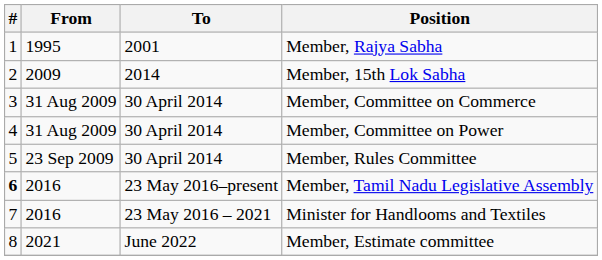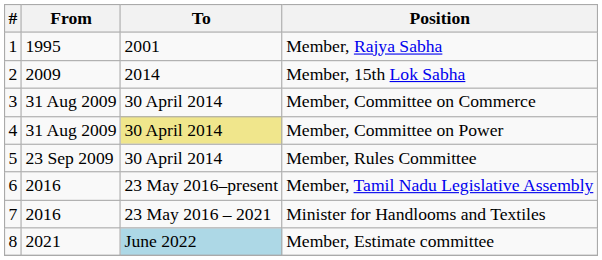 <table class="wikitable sortable">
 <tr>
 <th>#</th>
 <th>From</th>
 <th>To</th>
 <th>Position</th>
 </tr>
 <tr>
 <td>1</td>
 <td>1995</td>
 <td>2001</td>
 <td>Member, <a href='#'>Rajya Sabha</a></td>
 </tr>
 <tr>
 <td>2</td>
 <td>2009</td>
 <td>2014</td>
 <td>Member, 15th <a href='#'>Lok Sabha</a></td>
 </tr>
 <tr>
 <td>3</td>
 <td>31 Aug 2009</td>
 <td>30 April 2014</td>
 <td>Member, Committee on Commerce</td>
 </tr>
 <tr>
 <td>4</td>
 <td>31 Aug 2009</td>
-<td>30 April 2014</td>
+<td style="background: khaki;">30 April 2014</td>
 <td>Member, Committee on Power</td>
 </tr>
 <tr>
 <td>5</td>
 <td>23 Sep 2009</td>
 <td>30 April 2014</td>
 <td>Member, Rules Committee</td>
 </tr>
 <tr>
-<td><strong>6</strong></td>
+<td>6</td>
 <td>2016</td>
 <td>23 May 2016–present</td>
 <td>Member, <a href='#'>Tamil Nadu Legislative Assembly</a></td>
 </tr>
 <tr>
 <td>7</td>
 <td>2016</td>
 <td>23 May 2016 – 2021</td>
 <td>Minister for Handlooms and Textiles</td>
 </tr>
 <tr>
 <td>8</td>
 <td>2021</td>
-<td>June 2022</td>
+<td style="background: lightblue;">June 2022</td>
 <td>Member, Estimate committee</td>
 </tr>
 <tr>
 </tr>
 </table>
